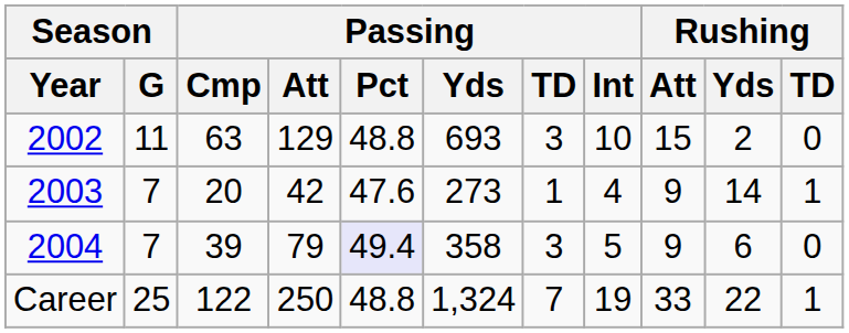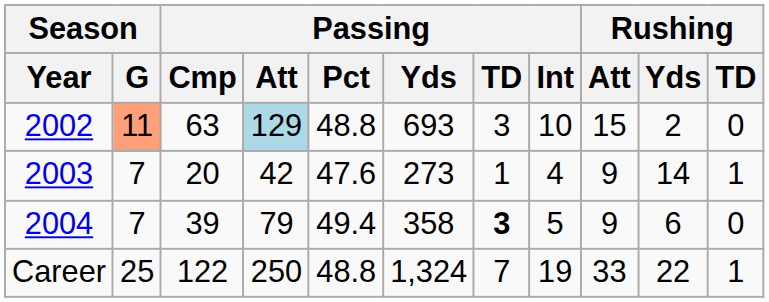 <table class=wikitable style="text-align:center;">
 <tr>
 <th colspan=2>Season</th>
 <th colspan=6>Passing</th>
 <th colspan=3>Rushing</th>
 </tr>
 <tr>
 <th>Year</th>
 <th>G</th>
 <th>Cmp</th>
 <th>Att</th>
 <th>Pct</th>
 <th>Yds</th>
 <th>TD</th>
 <th>Int</th>
 <th>Att</th>
 <th>Yds</th>
 <th>TD</th>
 </tr>
 <tr>
 <td><a href='#'>2002</a></td>
-<td>11</td>
+<td style="background: lightsalmon;">11</td>
 <td>63</td>
-<td>129</td>
+<td style="background: lightblue;">129</td>
 <td>48.8</td>
 <td>693</td>
 <td>3</td>
 <td>10</td>
 <td>15</td>
 <td>2</td>
 <td>0</td>
 </tr>
 <tr>
 <td><a href='#'>2003</a></td>
 <td>7</td>
 <td>20</td>
 <td>42</td>
 <td>47.6</td>
 <td>273</td>
 <td>1</td>
 <td>4</td>
 <td>9</td>
 <td>14</td>
 <td>1</td>
 </tr>
 <tr>
 <td><a href='#'>2004</a></td>
 <td>7</td>
 <td>39</td>
 <td>79</td>
-<td style="background: lavender;">49.4</td>
+<td>49.4</td>
 <td>358</td>
-<td>3</td>
+<td><strong>3</strong></td>
 <td>5</td>
 <td>9</td>
 <td>6</td>
 <td>0</td>
 </tr>
 <tr>
 <td>Career</td>
 <td>25</td>
 <td>122</td>
 <td>250</td>
 <td>48.8</td>
 <td>1,324</td>
 <td>7</td>
 <td>19</td>
 <td>33</td>
 <td>22</td>
 <td>1</td>
 </tr>
 </table>
